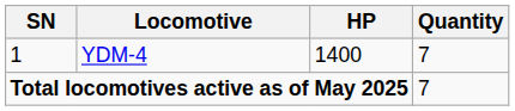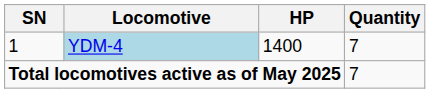 <table class="wikitable">
 <tr>
 <th>SN</th>
 <th>Locomotive</th>
 <th>HP</th>
 <th>Quantity</th>
 </tr>
 <tr>
 <td>1</td>
-<td><a href='#'>YDM-4</a></td>
+<td style="background: lightblue;"><a href='#'>YDM-4</a></td>
 <td>1400</td>
 <td>7</td>
 </tr>
 <tr>
 <td colspan="3"><strong>Total locomotives active as of May 2025</strong> </td>
 <td>7</td>
 </tr>
 </table>
